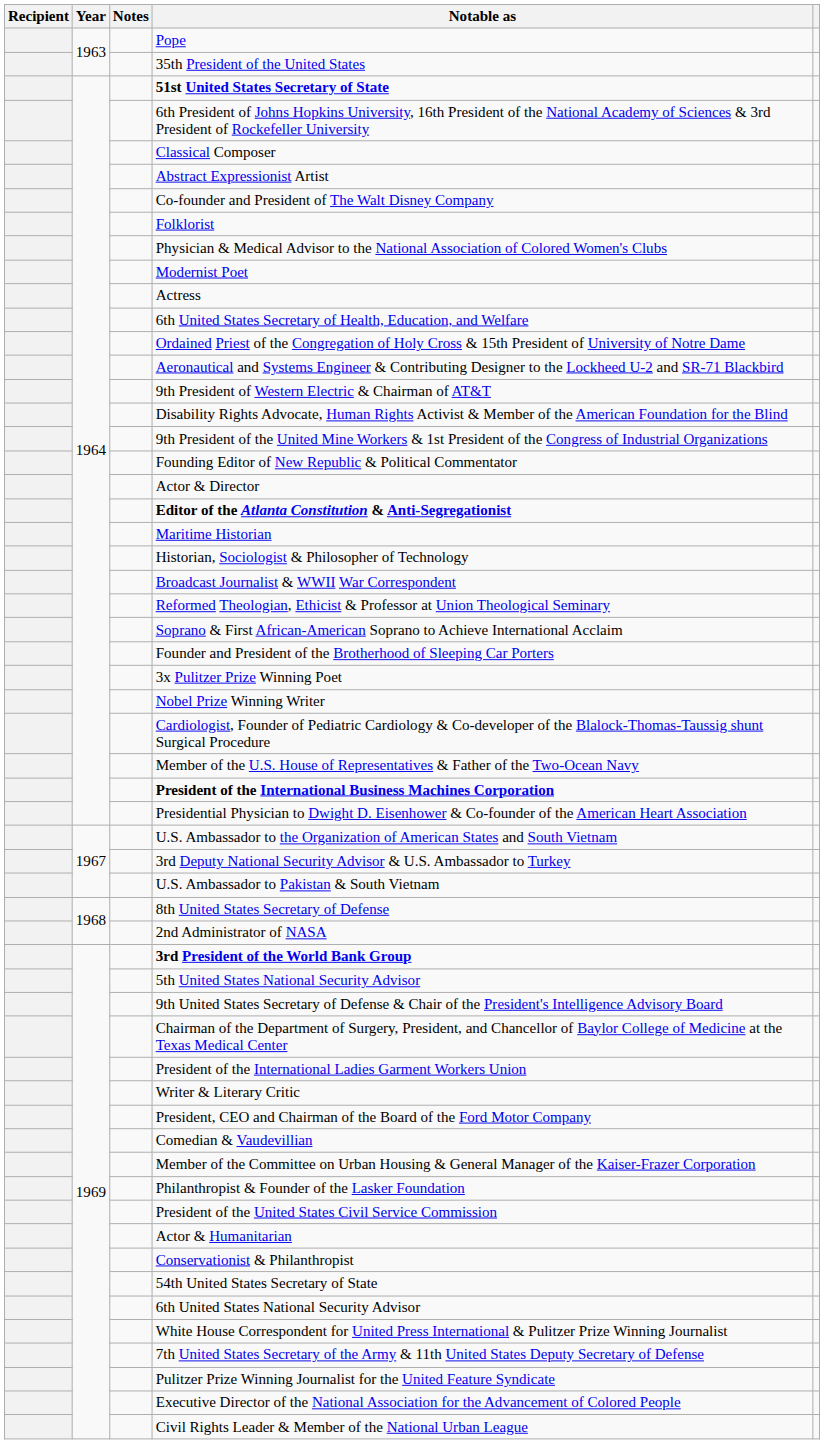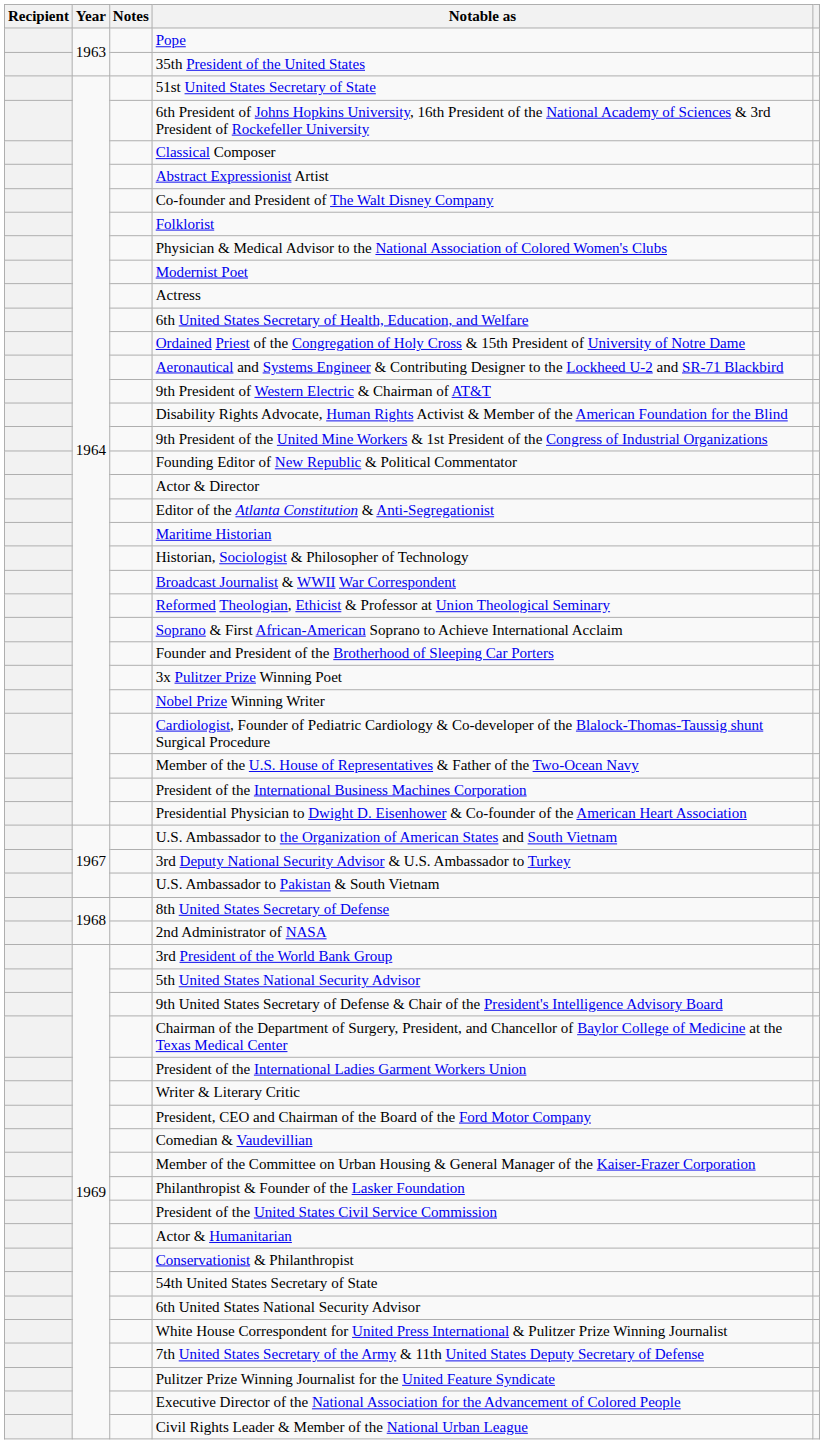 <table class="wikitable sortable plainrowheaders">
 <tr>
 <th>Recipient</th>
 <th>Year</th>
 <th>Notes</th>
 <th>Notable as</th>
 <th class="unsortable"></th>
 </tr>
 <tr>
 <th scope="row"></th>
 <td rowspan="2">1963</td>
 <td></td>
 <td><a href='#'>Pope</a></td>
 <td></td>
 </tr>
 <tr>
 <th scope="row"></th>
 <td></td>
 <td>35th <a href='#'>President of the United States</a></td>
 <td></td>
 </tr>
 <tr>
 <th scope="row"></th>
 <td rowspan="30">1964</td>
 <td></td>
-<td><strong>51st <a href='#'>United States Secretary of State</a></strong></td>
+<td>51st <a href='#'>United States Secretary of State</a></td>
 <td></td>
 </tr>
 <tr>
 <th scope="row"></th>
 <td></td>
 <td>6th President of <a href='#'>Johns Hopkins University</a>, 16th President of the <a href='#'>National Academy of Sciences</a> & 3rd President of <a href='#'>Rockefeller University</a></td>
 <td></td>
 </tr>
 <tr>
 <th scope="row"></th>
 <td></td>
 <td><a href='#'>Classical</a> Composer</td>
 <td></td>
 </tr>
 <tr>
 <th scope="row"></th>
 <td></td>
 <td><a href='#'>Abstract Expressionist</a> Artist</td>
 <td></td>
 </tr>
 <tr>
 <th scope="row"></th>
 <td></td>
 <td>Co-founder and President of <a href='#'>The Walt Disney Company</a></td>
 <td></td>
 </tr>
 <tr>
 <th scope="row"></th>
 <td></td>
 <td><a href='#'>Folklorist</a></td>
 <td></td>
 </tr>
 <tr>
 <th scope="row"></th>
 <td></td>
 <td>Physician & Medical Advisor to the <a href='#'>National Association of Colored Women's Clubs</a></td>
 <td></td>
 </tr>
 <tr>
 <th scope="row"></th>
 <td></td>
 <td><a href='#'>Modernist Poet</a></td>
 <td></td>
 </tr>
 <tr>
 <th scope="row"></th>
 <td></td>
 <td>Actress</td>
 <td></td>
 </tr>
 <tr>
 <th scope="row"></th>
 <td></td>
 <td>6th <a href='#'>United States Secretary of Health, Education, and Welfare</a></td>
 <td></td>
 </tr>
 <tr>
 <th scope="row"></th>
 <td></td>
 <td><a href='#'>Ordained</a> <a href='#'>Priest</a> of the <a href='#'>Congregation of Holy Cross</a> & 15th President of <a href='#'>University of Notre Dame</a></td>
 <td></td>
 </tr>
 <tr>
 <th scope="row"></th>
 <td></td>
 <td><a href='#'>Aeronautical</a> and <a href='#'>Systems Engineer</a> & Contributing Designer to the <a href='#'>Lockheed U-2</a> and <a href='#'>SR-71 Blackbird</a></td>
 <td></td>
 </tr>
 <tr>
 <th scope="row"></th>
 <td></td>
 <td>9th President of <a href='#'>Western Electric</a> & Chairman of <a href='#'>AT&T</a></td>
 <td></td>
 </tr>
 <tr>
 <th scope="row"></th>
 <td></td>
 <td>Disability Rights Advocate, <a href='#'>Human Rights</a> Activist & Member of the <a href='#'>American Foundation for the Blind</a></td>
 <td></td>
 </tr>
 <tr>
 <th scope="row"></th>
 <td></td>
 <td>9th President of the <a href='#'>United Mine Workers</a> & 1st President of the <a href='#'>Congress of Industrial Organizations</a></td>
 <td></td>
 </tr>
 <tr>
 <th scope="row"></th>
 <td></td>
 <td>Founding Editor of <a href='#'>New Republic</a> & Political Commentator</td>
 <td></td>
 </tr>
 <tr>
 <th scope="row"></th>
 <td></td>
 <td>Actor & Director</td>
 <td></td>
 </tr>
 <tr>
 <th scope="row"></th>
 <td></td>
-<td><strong>Editor of the <em><a href='#'>Atlanta Constitution</a></em> & <a href='#'>Anti-Segregationist</a></strong></td>
+<td>Editor of the <em><a href='#'>Atlanta Constitution</a></em> & <a href='#'>Anti-Segregationist</a></td>
 <td></td>
 </tr>
 <tr>
 <th scope="row"></th>
 <td></td>
 <td><a href='#'>Maritime Historian</a></td>
 <td></td>
 </tr>
 <tr>
 <th scope="row"></th>
 <td></td>
 <td>Historian, <a href='#'>Sociologist</a> & Philosopher of Technology</td>
 <td></td>
 </tr>
 <tr>
 <th scope="row"></th>
 <td></td>
 <td><a href='#'>Broadcast Journalist</a> & <a href='#'>WWII</a> <a href='#'>War Correspondent</a></td>
 <td></td>
 </tr>
 <tr>
 <th scope="row"></th>
 <td></td>
 <td><a href='#'>Reformed</a> <a href='#'>Theologian</a>, <a href='#'>Ethicist</a> & Professor at <a href='#'>Union Theological Seminary</a></td>
 <td></td>
 </tr>
 <tr>
 <th scope="row"></th>
 <td></td>
 <td><a href='#'>Soprano</a> & First <a href='#'>African-American</a> Soprano to Achieve International Acclaim</td>
 <td></td>
 </tr>
 <tr>
 <th scope="row"></th>
 <td></td>
 <td>Founder and President of the <a href='#'>Brotherhood of Sleeping Car Porters</a></td>
 <td></td>
 </tr>
 <tr>
 <th scope="row"></th>
 <td></td>
 <td>3x <a href='#'>Pulitzer Prize</a> Winning Poet</td>
 <td></td>
 </tr>
 <tr>
 <th scope="row"></th>
 <td></td>
 <td><a href='#'>Nobel Prize</a> Winning Writer</td>
 <td></td>
 </tr>
 <tr>
 <th scope="row"></th>
 <td></td>
 <td><a href='#'>Cardiologist</a>, Founder of Pediatric Cardiology & Co-developer of the <a href='#'>Blalock-Thomas-Taussig shunt</a> Surgical Procedure</td>
 <td></td>
 </tr>
 <tr>
 <th scope="row"></th>
 <td></td>
 <td>Member of the <a href='#'>U.S. House of Representatives</a> & Father of the <a href='#'>Two-Ocean Navy</a></td>
 <td></td>
 </tr>
 <tr>
 <th scope="row"></th>
 <td></td>
-<td><strong>President of the <a href='#'>International Business Machines Corporation</a></strong></td>
+<td>President of the <a href='#'>International Business Machines Corporation</a></td>
 <td></td>
 </tr>
 <tr>
 <th scope="row"></th>
 <td></td>
 <td>Presidential Physician to <a href='#'>Dwight D. Eisenhower</a> & Co-founder of the <a href='#'>American Heart Association</a></td>
 <td></td>
 </tr>
 <tr>
 <th scope="row"></th>
 <td rowspan="3">1967</td>
 <td></td>
 <td>U.S. Ambassador to <a href='#'>the Organization of American States</a> and <a href='#'>South Vietnam</a></td>
 <td></td>
 </tr>
 <tr>
 <th scope="row"></th>
 <td></td>
 <td>3rd <a href='#'>Deputy National Security Advisor</a> & U.S. Ambassador to <a href='#'>Turkey</a></td>
 <td></td>
 </tr>
 <tr>
 <th scope="row"></th>
 <td></td>
 <td>U.S. Ambassador to <a href='#'>Pakistan</a> & South Vietnam</td>
 <td></td>
 </tr>
 <tr>
 <th scope="row"></th>
 <td rowspan="2">1968</td>
 <td></td>
 <td>8th <a href='#'>United States Secretary of Defense</a></td>
 <td></td>
 </tr>
 <tr>
 <th scope="row"></th>
 <td></td>
 <td>2nd Administrator of <a href='#'>NASA</a></td>
 <td></td>
 </tr>
 <tr>
 <th scope="row"></th>
 <td rowspan="20">1969</td>
 <td></td>
-<td><strong>3rd <a href='#'>President of the World Bank Group</a></strong></td>
+<td>3rd <a href='#'>President of the World Bank Group</a></td>
 <td></td>
 </tr>
 <tr>
 <th scope="row"></th>
 <td></td>
 <td>5th <a href='#'>United States National Security Advisor</a></td>
 <td></td>
 </tr>
 <tr>
 <th scope="row"></th>
 <td></td>
 <td>9th United States Secretary of Defense & Chair of the <a href='#'>President's Intelligence Advisory Board</a></td>
 <td></td>
 </tr>
 <tr>
 <th scope="row"></th>
 <td></td>
 <td>Chairman of the Department of Surgery, President, and Chancellor of <a href='#'>Baylor College of Medicine</a> at the <a href='#'>Texas Medical Center</a></td>
 <td></td>
 </tr>
 <tr>
 <th scope="row"></th>
 <td></td>
 <td>President of the <a href='#'>International Ladies Garment Workers Union</a></td>
 <td></td>
 </tr>
 <tr>
 <th scope="row"></th>
 <td></td>
 <td>Writer & Literary Critic</td>
 <td></td>
 </tr>
 <tr>
 <th scope="row"></th>
 <td></td>
 <td>President, CEO and Chairman of the Board of the <a href='#'>Ford Motor Company</a></td>
 <td></td>
 </tr>
 <tr>
 <th scope="row"></th>
 <td></td>
 <td>Comedian & <a href='#'>Vaudevillian</a></td>
 <td></td>
 </tr>
 <tr>
 <th scope="row"></th>
 <td></td>
 <td>Member of the Committee on Urban Housing & General Manager of the <a href='#'>Kaiser-Frazer Corporation</a></td>
 <td></td>
 </tr>
 <tr>
 <th scope="row"></th>
 <td></td>
 <td>Philanthropist & Founder of the <a href='#'>Lasker Foundation</a></td>
 <td></td>
 </tr>
 <tr>
 <th scope="row"></th>
 <td></td>
 <td>President of the <a href='#'>United States Civil Service Commission</a></td>
 <td></td>
 </tr>
 <tr>
 <th scope="row"></th>
 <td></td>
 <td>Actor & <a href='#'>Humanitarian</a></td>
 <td></td>
 </tr>
 <tr>
 <th scope="row"></th>
 <td></td>
 <td><a href='#'>Conservationist</a> & Philanthropist</td>
 <td></td>
 </tr>
 <tr>
 <th scope="row"></th>
 <td></td>
 <td>54th United States Secretary of State</td>
 <td></td>
 </tr>
 <tr>
 <th scope="row"></th>
 <td></td>
 <td>6th United States National Security Advisor</td>
 <td></td>
 </tr>
 <tr>
 <th scope="row"></th>
 <td></td>
 <td>White House Correspondent for <a href='#'>United Press International</a> & Pulitzer Prize Winning Journalist</td>
 <td></td>
 </tr>
 <tr>
 <th scope="row"></th>
 <td></td>
 <td>7th <a href='#'>United States Secretary of the Army</a> & 11th <a href='#'>United States Deputy Secretary of Defense</a></td>
 <td></td>
 </tr>
 <tr>
 <th scope="row"></th>
 <td></td>
 <td>Pulitzer Prize Winning Journalist for the <a href='#'>United Feature Syndicate</a></td>
 <td></td>
 </tr>
 <tr>
 <th scope="row"></th>
 <td></td>
 <td>Executive Director of the <a href='#'>National Association for the Advancement of Colored People</a></td>
 <td></td>
 </tr>
 <tr>
 <th scope="row"></th>
 <td></td>
 <td>Civil Rights Leader & Member of the <a href='#'>National Urban League</a></td>
 <td></td>
 </tr>
 </table>
